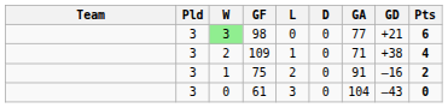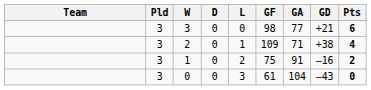 <table class="wikitable" style="text-align: center;">
 <tr>
 <th width="180">Team</th>
 <th width="30">Pld</th>
 <th width="30">W</th>
+<th width="30">D</th>
+<th width="30">L</th>
 <th width="30">GF</th>
-<th width="30">L</th>
-<th width="30">D</th>
 <th width="30">GA</th>
 <th width="30">GD</th>
 <th width="30">Pts</th>
 </tr>
 <tr>
 <td align="left"></td>
 <td>3</td>
-<td style="background: lightgreen;">3</td>
-<td>98</td>
+<td>3</td>
 <td>0</td>
 <td>0</td>
+<td>98</td>
 <td>77</td>
 <td>+21</td>
 <td><strong>6</strong></td>
 </tr>
 <tr>
 <td align="left"></td>
 <td>3</td>
 <td>2</td>
+<td>0</td>
+<td>1</td>
 <td>109</td>
-<td>1</td>
-<td>0</td>
 <td>71</td>
 <td>+38</td>
 <td><strong>4</strong></td>
 </tr>
 <tr>
 <td align="left"></td>
 <td>3</td>
 <td>1</td>
+<td>0</td>
+<td>2</td>
 <td>75</td>
-<td>2</td>
-<td>0</td>
 <td>91</td>
 <td>–16</td>
 <td><strong>2</strong></td>
 </tr>
 <tr>
 <td align="left"></td>
 <td>3</td>
 <td>0</td>
+<td>0</td>
+<td>3</td>
 <td>61</td>
-<td>3</td>
-<td>0</td>
 <td>104</td>
 <td>–43</td>
 <td><strong>0</strong></td>
 </tr>
 </table>
